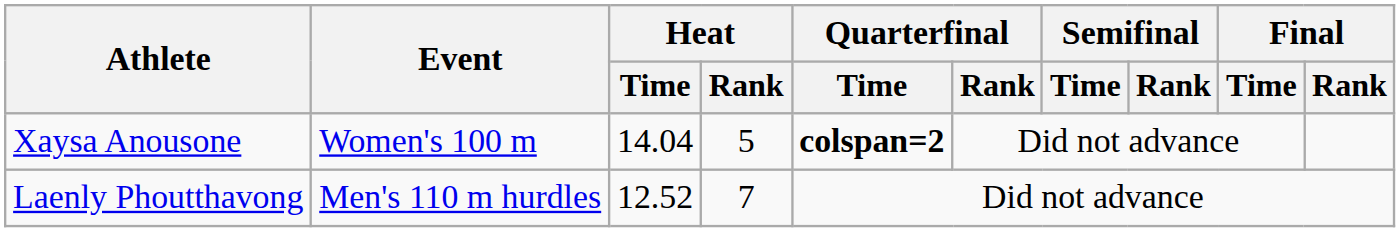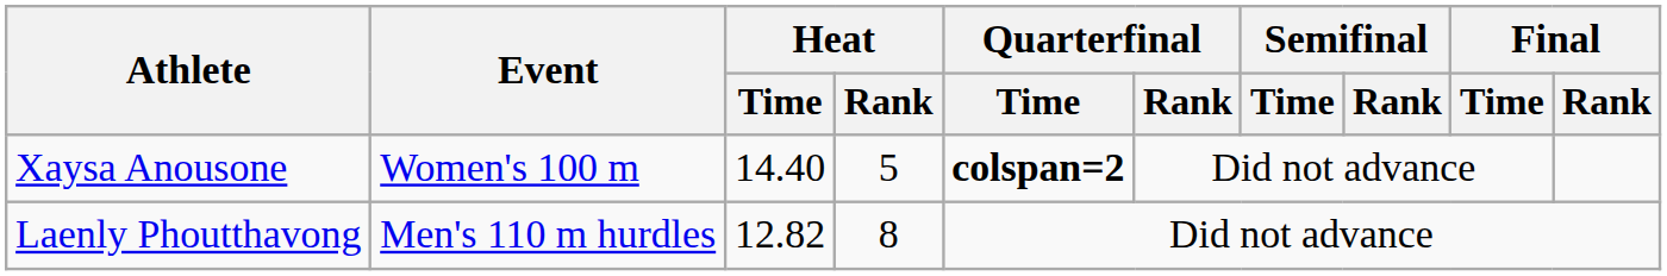 <table class=wikitable style="font-size:90%">
 <tr>
 <th rowspan="2">Athlete</th>
 <th rowspan="2">Event</th>
 <th colspan="2">Heat</th>
 <th colspan="2">Quarterfinal</th>
 <th colspan="2">Semifinal</th>
 <th colspan="2">Final</th>
 </tr>
 <tr style="font-size:95%">
 <th>Time</th>
 <th>Rank</th>
 <th>Time</th>
 <th>Rank</th>
 <th>Time</th>
 <th>Rank</th>
 <th>Time</th>
 <th>Rank</th>
 </tr>
 <tr align=center>
 <td align=left><a href='#'>Xaysa Anousone</a></td>
 <td align=left><a href='#'>Women's 100 m</a></td>
-<td>14.04</td>
+<td>14.40</td>
 <td>5</td>
 <td><strong>colspan=2 </strong></td>
 <td colspan=4>Did not advance</td>
 </tr>
 <tr align=center>
 <td align=left><a href='#'>Laenly Phoutthavong</a></td>
 <td align=left><a href='#'>Men's 110 m hurdles</a></td>
-<td>12.52</td>
-<td>7</td>
+<td>12.82</td>
+<td>8</td>
 <td colspan=6>Did not advance</td>
 </tr>
 </table>
